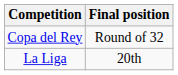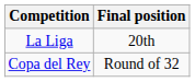 <table class="wikitable" style="font-size:100%; text-align:center">
 <tr>
 <th>Competition</th>
 <th>Final position</th>
 </tr>
 <tr style="background:">
+<td><a href='#'>La Liga</a></td>
+<td>20th</td>
+</tr>
+<tr style="background:">
 <td><a href='#'>Copa del Rey</a></td>
 <td>Round of 32</td>
 </tr>
-<tr style="background:">
-<td><a href='#'>La Liga</a></td>
-<td>20th</td>
-</tr>
 </table>
